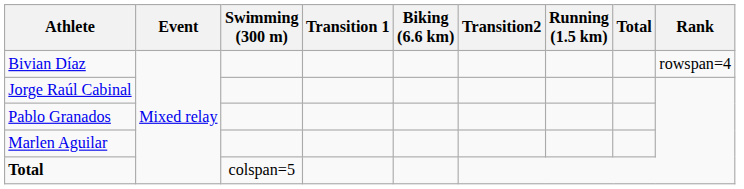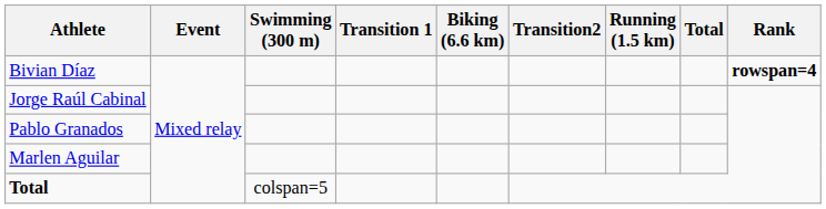 <table class=wikitable style=font-size:90%;text-align:center>
 <tr>
 <th>Athlete</th>
 <th>Event</th>
 <th>Swimming<br><span>(300 m)</span></th>
 <th>Transition 1</th>
 <th>Biking<br><span>(6.6 km)</span></th>
 <th>Transition2</th>
 <th>Running<br><span>(1.5 km)</span></th>
 <th>Total</th>
 <th>Rank</th>
 </tr>
 <tr>
 <td align=left><a href='#'>Bivian Díaz</a></td>
 <td align=left rowspan=5><a href='#'>Mixed relay</a></td>
 <td></td>
 <td></td>
 <td></td>
 <td></td>
 <td></td>
 <td></td>
-<td>rowspan=4 </td>
+<td><strong>rowspan=4 </strong></td>
 </tr>
 <tr>
 <td align=left><a href='#'>Jorge Raúl Cabinal</a></td>
 <td></td>
 <td></td>
 <td></td>
 <td></td>
 <td></td>
 <td></td>
 </tr>
 <tr>
 <td align=left><a href='#'>Pablo Granados</a></td>
 <td></td>
 <td></td>
 <td></td>
 <td></td>
 <td></td>
 <td></td>
 </tr>
 <tr>
 <td align=left><a href='#'>Marlen Aguilar</a></td>
 <td></td>
 <td></td>
 <td></td>
 <td></td>
 <td></td>
 <td></td>
 </tr>
 <tr>
 <td align=left><strong>Total</strong></td>
 <td>colspan=5 </td>
 <td></td>
 <td></td>
 </tr>
 </table>
